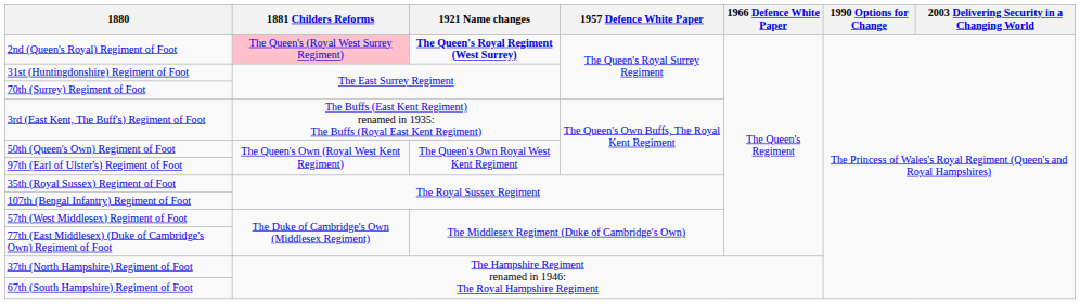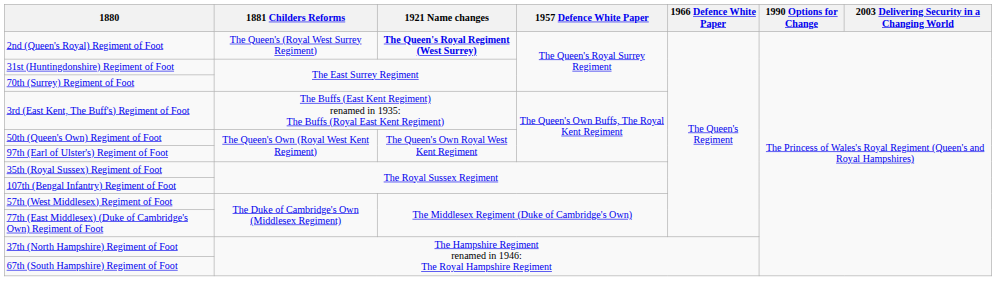 <table class="wikitable">
 <tr>
 <th>1880</th>
 <th>1881 <a href='#'>Childers Reforms</a></th>
 <th>1921 Name changes</th>
 <th>1957 <a href='#'>Defence White Paper</a></th>
 <th>1966 <a href='#'>Defence White Paper</a></th>
 <th>1990 <a href='#'>Options for Change</a></th>
 <th>2003 <a href='#'>Delivering Security in a Changing World</a></th>
 </tr>
 <tr>
 <td><a href='#'>2nd (Queen's Royal) Regiment of Foot</a></td>
-<td style="background: pink; text-align:center;"><a href='#'>The Queen's (Royal West Surrey Regiment)</a></td>
+<td style="text-align:center;"><a href='#'>The Queen's (Royal West Surrey Regiment)</a></td>
 <td style="text-align:center;"><strong><a href='#'>The Queen's Royal Regiment (West Surrey)</a></strong></td>
 <td rowspan="3" style="text-align:center;"><a href='#'>The Queen's Royal Surrey Regiment</a></td>
 <td rowspan="10" style="text-align:center;"><a href='#'>The Queen's Regiment</a></td>
 <td rowspan="12" colspan="2" style="text-align: center;"><a href='#'>The Princess of Wales's Royal Regiment (Queen's and Royal Hampshires)</a></td>
 </tr>
 <tr>
 <td><a href='#'>31st (Huntingdonshire) Regiment of Foot</a></td>
 <td rowspan="2" colspan="2" style="text-align: center;"><a href='#'>The East Surrey Regiment</a></td>
 </tr>
 <tr>
 <td><a href='#'>70th (Surrey) Regiment of Foot</a></td>
 </tr>
 <tr>
 <td><a href='#'>3rd (East Kent, The Buff's) Regiment of Foot</a></td>
 <td colspan="2" style="text-align:center;"><a href='#'>The Buffs (East Kent Regiment)</a><br>renamed in 1935:<br><a href='#'>The Buffs (Royal East Kent Regiment)</a></td>
 <td rowspan="3" style="text-align:center;"><a href='#'>The Queen's Own Buffs, The Royal Kent Regiment</a></td>
 </tr>
 <tr>
 <td><a href='#'>50th (Queen's Own) Regiment of Foot</a></td>
 <td rowspan="2" style="text-align:center;"><a href='#'>The Queen's Own (Royal West Kent Regiment)</a></td>
 <td rowspan="2" style="text-align:center;"><a href='#'>The Queen's Own Royal West Kent Regiment</a></td>
 </tr>
 <tr>
 <td><a href='#'>97th (Earl of Ulster's) Regiment of Foot</a></td>
 </tr>
 <tr>
 <td><a href='#'>35th (Royal Sussex) Regiment of Foot</a></td>
 <td rowspan="2" colspan="3" style="text-align: center;"><a href='#'>The Royal Sussex Regiment</a></td>
 </tr>
 <tr>
 <td><a href='#'>107th (Bengal Infantry) Regiment of Foot</a></td>
 </tr>
 <tr>
 <td><a href='#'>57th (West Middlesex) Regiment of Foot</a></td>
 <td rowspan="2" style="text-align:center;"><a href='#'>The Duke of Cambridge's Own (Middlesex Regiment)</a></td>
 <td rowspan="2" colspan="2" style="text-align: center;"><a href='#'>The Middlesex Regiment (Duke of Cambridge's Own)</a></td>
 </tr>
 <tr>
 <td><a href='#'>77th (East Middlesex) (Duke of Cambridge's Own) Regiment of Foot</a></td>
 </tr>
 <tr>
 <td><a href='#'>37th (North Hampshire) Regiment of Foot</a></td>
 <td rowspan="2" colspan="4" style="text-align: center;"><a href='#'>The Hampshire Regiment</a><br>renamed in 1946:<br><a href='#'>The Royal Hampshire Regiment</a></td>
 </tr>
 <tr>
 <td><a href='#'>67th (South Hampshire) Regiment of Foot</a></td>
 </tr>
 </table>
